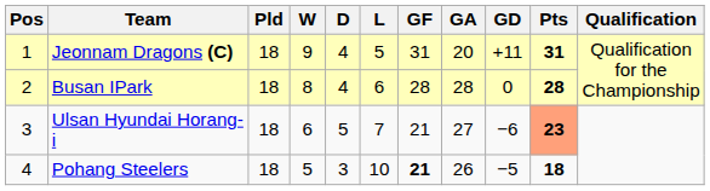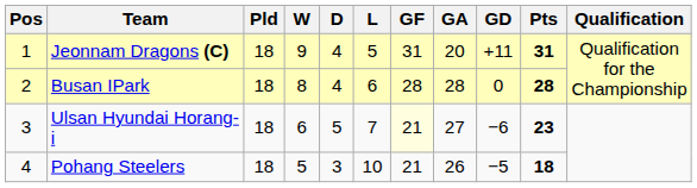 <table class="wikitable" style="text-align:center;">
 <tr>
 <th width=20>Pos</th>
 <th width=230>Team</th>
 <th width=30 abbr="Played">Pld</th>
 <th width=30 abbr="Won">W</th>
 <th width=30 abbr="Draw">D</th>
 <th width=30 abbr="Lost">L</th>
 <th width=35 abbr="Goals for">GF</th>
 <th width=35 abbr="Goals against">GA</th>
 <th width=35 abbr="Goal difference">GD</th>
 <th width=40 abbr="Points">Pts</th>
 <th>Qualification</th>
 </tr>
 <tr bgcolor=#ffffbb>
 <td>1</td>
 <td align="left"><a href='#'>Jeonnam Dragons</a> <strong>(C)</strong></td>
 <td>18</td>
 <td>9</td>
 <td>4</td>
 <td>5</td>
 <td>31</td>
 <td>20</td>
 <td>+11</td>
 <td><strong>31</strong></td>
 <td rowspan=2>Qualification for the Championship</td>
 </tr>
 <tr bgcolor=#ffffbb>
 <td>2</td>
 <td align="left"><a href='#'>Busan IPark</a></td>
 <td>18</td>
 <td>8</td>
 <td>4</td>
 <td>6</td>
 <td>28</td>
 <td>28</td>
 <td>0</td>
 <td><strong>28</strong></td>
 </tr>
 <tr>
 <td>3</td>
 <td align="left"><a href='#'>Ulsan Hyundai Horang-i</a></td>
 <td>18</td>
 <td>6</td>
 <td>5</td>
 <td>7</td>
-<td>21</td>
+<td style="background: lightyellow;">21</td>
 <td>27</td>
 <td>−6</td>
-<td style="background: lightsalmon;"><strong>23</strong></td>
+<td><strong>23</strong></td>
 <td rowspan=2></td>
 </tr>
 <tr>
 <td>4</td>
 <td align="left"><a href='#'>Pohang Steelers</a></td>
 <td>18</td>
 <td>5</td>
 <td>3</td>
 <td>10</td>
-<td><strong>21</strong></td>
+<td>21</td>
 <td>26</td>
 <td>−5</td>
 <td><strong>18</strong></td>
 </tr>
 </table>
